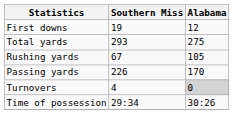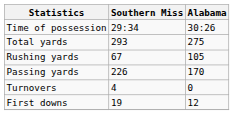 <table class="wikitable" style="float: left;">
 <tr>
 <th>Statistics</th>
 <th style=>Southern Miss</th>
 <th>Alabama</th>
 </tr>
 <tr>
-<td>First downs</td>
-<td>19</td>
-<td>12</td>
+<td>Time of possession</td>
+<td>29:34</td>
+<td>30:26</td>
 </tr>
 <tr>
 <td>Total yards</td>
 <td>293</td>
 <td>275</td>
 </tr>
 <tr>
 <td>Rushing yards</td>
 <td>67</td>
 <td>105</td>
 </tr>
 <tr>
 <td>Passing yards</td>
 <td>226</td>
 <td>170</td>
 </tr>
 <tr>
 <td>Turnovers</td>
 <td>4</td>
-<td style="background: lightgrey;">0</td>
+<td>0</td>
 </tr>
 <tr>
-<td>Time of possession</td>
-<td>29:34</td>
-<td>30:26</td>
+<td>First downs</td>
+<td>19</td>
+<td>12</td>
 </tr>
 <tr>
 </tr>
 </table>
